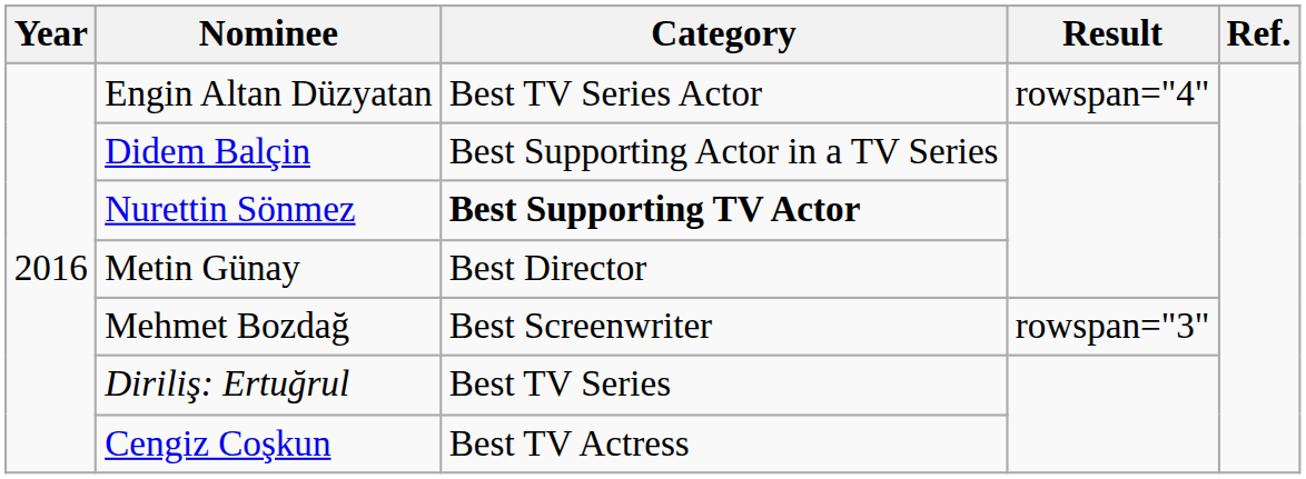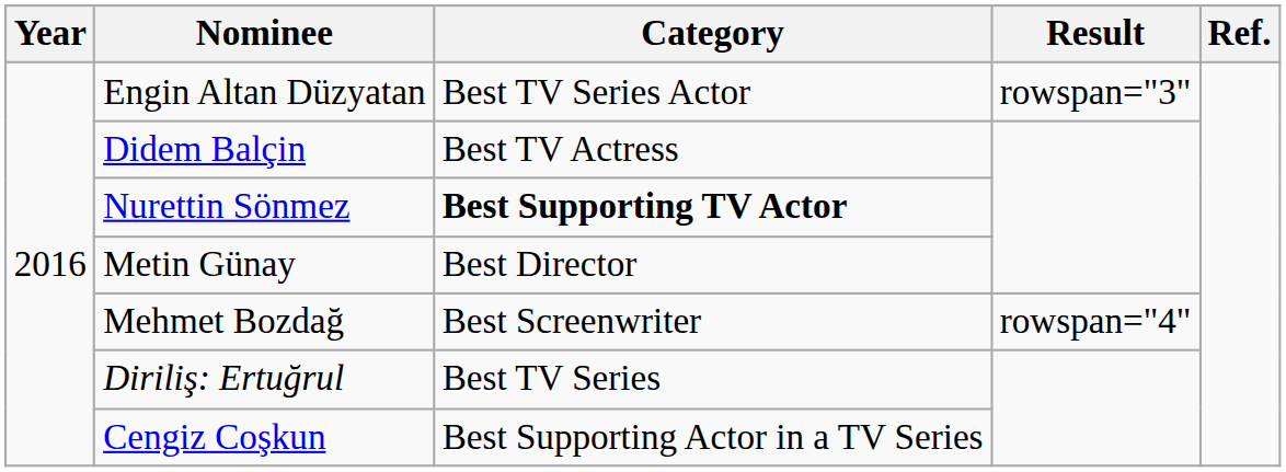 <table class="wikitable">
 <tr>
 <th>Year</th>
 <th>Nominee</th>
 <th>Category</th>
 <th>Result</th>
 <th>Ref.</th>
 </tr>
 <tr>
 <td rowspan="8">2016</td>
 <td>Engin Altan Düzyatan</td>
 <td>Best TV Series Actor</td>
-<td>rowspan="4" </td>
+<td>rowspan="3" </td>
 <td rowspan="8" style="text-align: center;"></td>
 </tr>
 <tr>
 <td><a href='#'>Didem Balçin</a></td>
-<td>Best Supporting Actor in a TV Series</td>
+<td>Best TV Actress</td>
 </tr>
 <tr>
 <td><a href='#'>Nurettin Sönmez</a></td>
 <td><strong>Best Supporting TV Actor</strong></td>
 </tr>
 <tr>
 <td>Metin Günay</td>
 <td>Best Director</td>
 </tr>
 <tr>
 <td>Mehmet Bozdağ</td>
 <td>Best Screenwriter</td>
-<td>rowspan="3" </td>
+<td>rowspan="4" </td>
 </tr>
 <tr>
 <td><em>Diriliş: Ertuğrul</em></td>
 <td>Best TV Series</td>
 </tr>
 <tr>
 <td><a href='#'>Cengiz Coşkun</a></td>
-<td>Best TV Actress</td>
+<td>Best Supporting Actor in a TV Series</td>
 </tr>
 </table>
